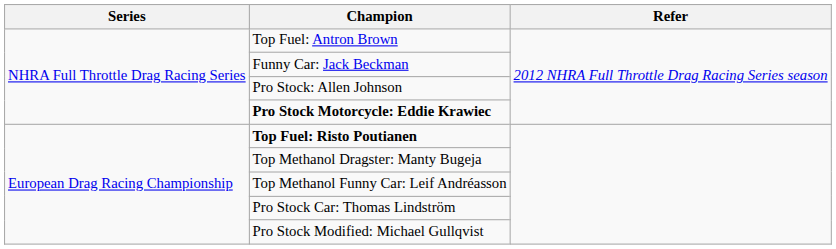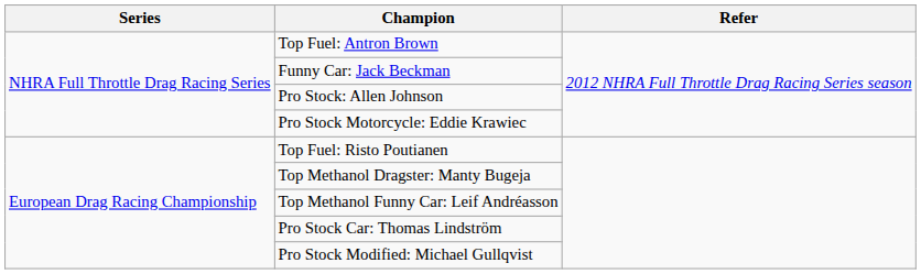 <table class="wikitable" style="font-size:87%;">
 <tr>
 <th>Series</th>
 <th>Champion</th>
 <th>Refer</th>
 </tr>
 <tr>
 <td rowspan=4><a href='#'>NHRA Full Throttle Drag Racing Series</a></td>
 <td>Top Fuel:  <a href='#'>Antron Brown</a></td>
 <td rowspan=4><em><a href='#'>2012 NHRA Full Throttle Drag Racing Series season</a></em></td>
 </tr>
 <tr>
 <td>Funny Car:  <a href='#'>Jack Beckman</a></td>
 </tr>
 <tr>
 <td>Pro Stock:  Allen Johnson</td>
 </tr>
 <tr>
-<td><strong>Pro Stock Motorcycle:  Eddie Krawiec</strong></td>
+<td>Pro Stock Motorcycle:  Eddie Krawiec</td>
 </tr>
 <tr>
 <td rowspan=5><a href='#'>European Drag Racing Championship</a></td>
-<td><strong>Top Fuel:  Risto Poutianen</strong></td>
+<td>Top Fuel:  Risto Poutianen</td>
 <td rowspan=5></td>
 </tr>
 <tr>
 <td>Top Methanol Dragster:  Manty Bugeja</td>
 </tr>
 <tr>
 <td>Top Methanol Funny Car:  Leif Andréasson</td>
 </tr>
 <tr>
 <td>Pro Stock Car:  Thomas Lindström</td>
 </tr>
 <tr>
 <td>Pro Stock Modified:  Michael Gullqvist</td>
 </tr>
 </table>
